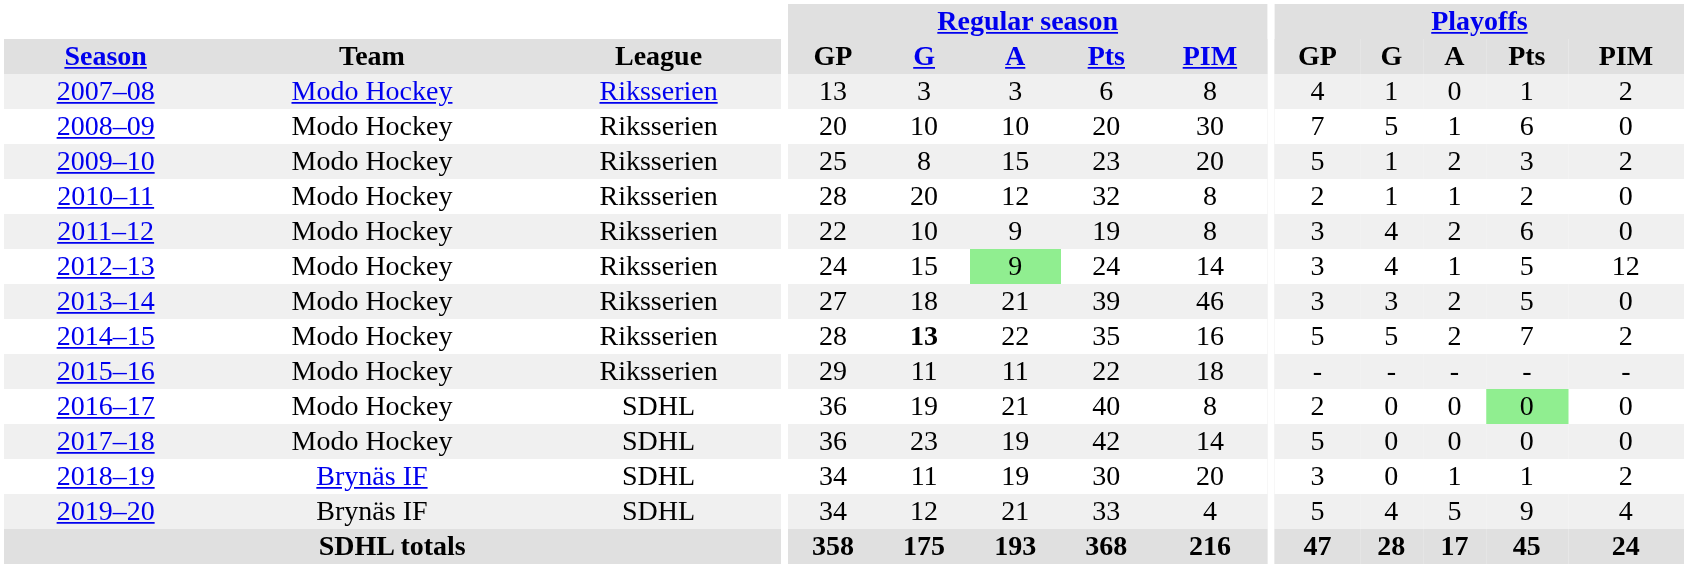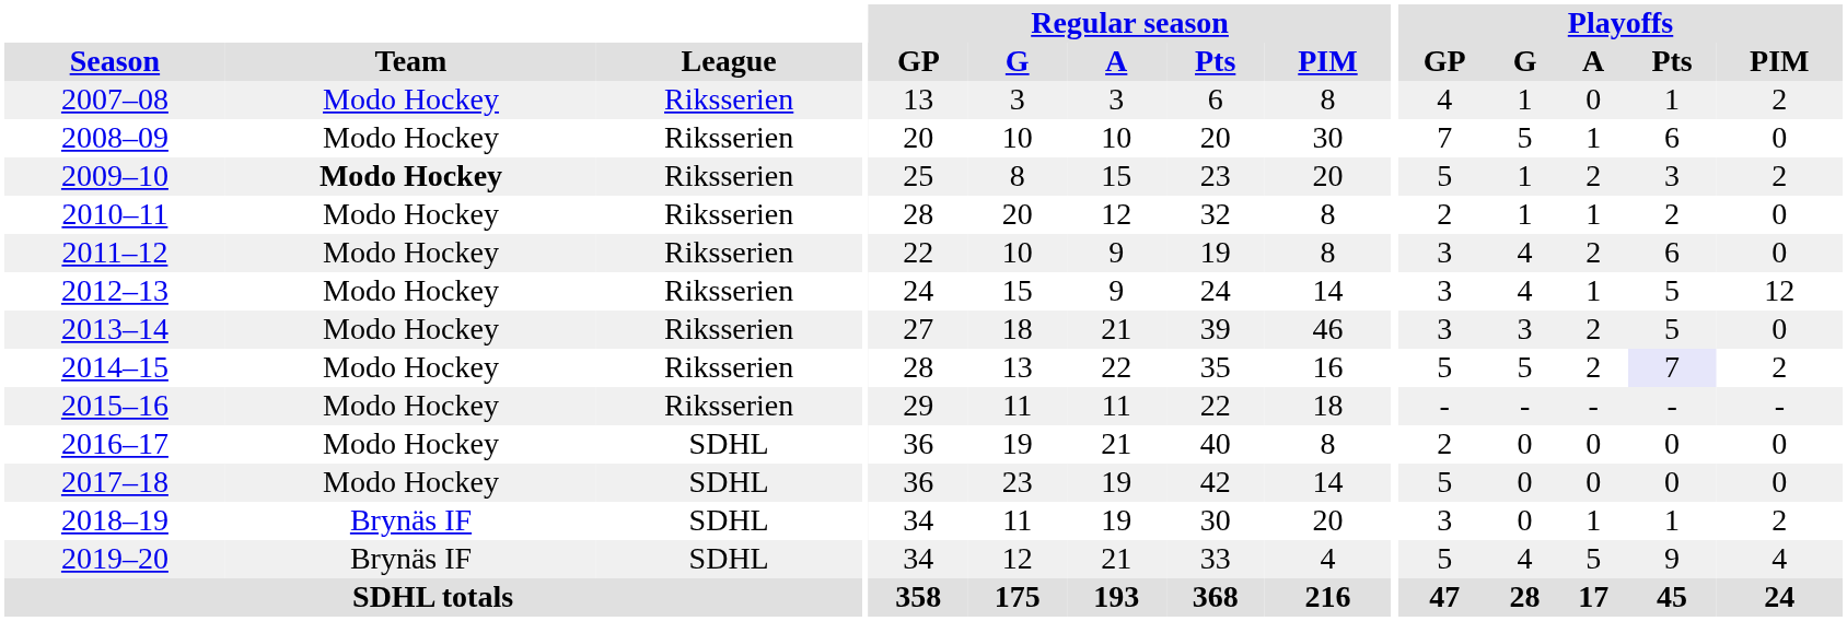 <table border="0" cellpadding="1" cellspacing="0" style="text-align:center; width:60em">
 <tr bgcolor="#e0e0e0">
 <th colspan="3" bgcolor="#ffffff"></th>
 <th rowspan="100" bgcolor="#ffffff"></th>
 <th colspan="5"><a href='#'>Regular season</a></th>
 <th rowspan="100" bgcolor="#ffffff"></th>
 <th colspan="5"><a href='#'>Playoffs</a></th>
 </tr>
 <tr bgcolor="#e0e0e0">
 <th><a href='#'>Season</a></th>
 <th>Team</th>
 <th>League</th>
 <th>GP</th>
 <th><a href='#'>G</a></th>
 <th><a href='#'>A</a></th>
 <th><a href='#'>Pts</a></th>
 <th><a href='#'>PIM</a></th>
 <th>GP</th>
 <th>G</th>
 <th>A</th>
 <th>Pts</th>
 <th>PIM</th>
 </tr>
 <tr style="background:#f0f0f0;">
 <td><a href='#'>2007–08</a></td>
 <td><a href='#'>Modo Hockey</a></td>
 <td><a href='#'>Riksserien</a></td>
 <td>13</td>
 <td>3</td>
 <td>3</td>
 <td>6</td>
 <td>8</td>
 <td>4</td>
 <td>1</td>
 <td>0</td>
 <td>1</td>
 <td>2</td>
 </tr>
 <tr>
 <td><a href='#'>2008–09</a></td>
 <td>Modo Hockey</td>
 <td>Riksserien</td>
 <td>20</td>
 <td>10</td>
 <td>10</td>
 <td>20</td>
 <td>30</td>
 <td>7</td>
 <td>5</td>
 <td>1</td>
 <td>6</td>
 <td>0</td>
 </tr>
 <tr style="background:#f0f0f0;">
 <td><a href='#'>2009–10</a></td>
-<td>Modo Hockey</td>
+<td><strong>Modo Hockey</strong></td>
 <td>Riksserien</td>
 <td>25</td>
 <td>8</td>
 <td>15</td>
 <td>23</td>
 <td>20</td>
 <td>5</td>
 <td>1</td>
 <td>2</td>
 <td>3</td>
 <td>2</td>
 </tr>
 <tr>
 <td><a href='#'>2010–11</a></td>
 <td>Modo Hockey</td>
 <td>Riksserien</td>
 <td>28</td>
 <td>20</td>
 <td>12</td>
 <td>32</td>
 <td>8</td>
 <td>2</td>
 <td>1</td>
 <td>1</td>
 <td>2</td>
 <td>0</td>
 </tr>
 <tr style="background:#f0f0f0;">
 <td><a href='#'>2011–12</a></td>
 <td>Modo Hockey</td>
 <td>Riksserien</td>
 <td>22</td>
 <td>10</td>
 <td>9</td>
 <td>19</td>
 <td>8</td>
 <td>3</td>
 <td>4</td>
 <td>2</td>
 <td>6</td>
 <td>0</td>
 </tr>
 <tr>
 <td><a href='#'>2012–13</a></td>
 <td>Modo Hockey</td>
 <td>Riksserien</td>
 <td>24</td>
 <td>15</td>
-<td style="background: lightgreen;">9</td>
+<td>9</td>
 <td>24</td>
 <td>14</td>
 <td>3</td>
 <td>4</td>
 <td>1</td>
 <td>5</td>
 <td>12</td>
 </tr>
 <tr style="background:#f0f0f0;">
 <td><a href='#'>2013–14</a></td>
 <td>Modo Hockey</td>
 <td>Riksserien</td>
 <td>27</td>
 <td>18</td>
 <td>21</td>
 <td>39</td>
 <td>46</td>
 <td>3</td>
 <td>3</td>
 <td>2</td>
 <td>5</td>
 <td>0</td>
 </tr>
 <tr>
 <td><a href='#'>2014–15</a></td>
 <td>Modo Hockey</td>
 <td>Riksserien</td>
 <td>28</td>
-<td><strong>13</strong></td>
+<td>13</td>
 <td>22</td>
 <td>35</td>
 <td>16</td>
 <td>5</td>
 <td>5</td>
 <td>2</td>
-<td>7</td>
+<td style="background: lavender;">7</td>
 <td>2</td>
 </tr>
 <tr style="background:#f0f0f0;">
 <td><a href='#'>2015–16</a></td>
 <td>Modo Hockey</td>
 <td>Riksserien</td>
 <td>29</td>
 <td>11</td>
 <td>11</td>
 <td>22</td>
 <td>18</td>
 <td>-</td>
 <td>-</td>
 <td>-</td>
 <td>-</td>
 <td>-</td>
 </tr>
 <tr>
 <td><a href='#'>2016–17</a></td>
 <td>Modo Hockey</td>
 <td>SDHL</td>
 <td>36</td>
 <td>19</td>
 <td>21</td>
 <td>40</td>
 <td>8</td>
 <td>2</td>
 <td>0</td>
 <td>0</td>
-<td style="background: lightgreen;">0</td>
+<td>0</td>
 <td>0</td>
 </tr>
 <tr style="background:#f0f0f0;">
 <td><a href='#'>2017–18</a></td>
 <td>Modo Hockey</td>
 <td>SDHL</td>
 <td>36</td>
 <td>23</td>
 <td>19</td>
 <td>42</td>
 <td>14</td>
 <td>5</td>
 <td>0</td>
 <td>0</td>
 <td>0</td>
 <td>0</td>
 </tr>
 <tr>
 <td><a href='#'>2018–19</a></td>
 <td><a href='#'>Brynäs IF</a></td>
 <td>SDHL</td>
 <td>34</td>
 <td>11</td>
 <td>19</td>
 <td>30</td>
 <td>20</td>
 <td>3</td>
 <td>0</td>
 <td>1</td>
 <td>1</td>
 <td>2</td>
 </tr>
 <tr style="background:#f0f0f0;">
 <td><a href='#'>2019–20</a></td>
 <td>Brynäs IF</td>
 <td>SDHL</td>
 <td>34</td>
 <td>12</td>
 <td>21</td>
 <td>33</td>
 <td>4</td>
 <td>5</td>
 <td>4</td>
 <td>5</td>
 <td>9</td>
 <td>4</td>
 </tr>
 <tr style="text-align:center; background:#e0e0e0;">
 <th colspan="3">SDHL totals</th>
 <th>358</th>
 <th>175</th>
 <th>193</th>
 <th>368</th>
 <th>216</th>
 <th>47</th>
 <th>28</th>
 <th>17</th>
 <th>45</th>
 <th>24</th>
 </tr>
 </table>
